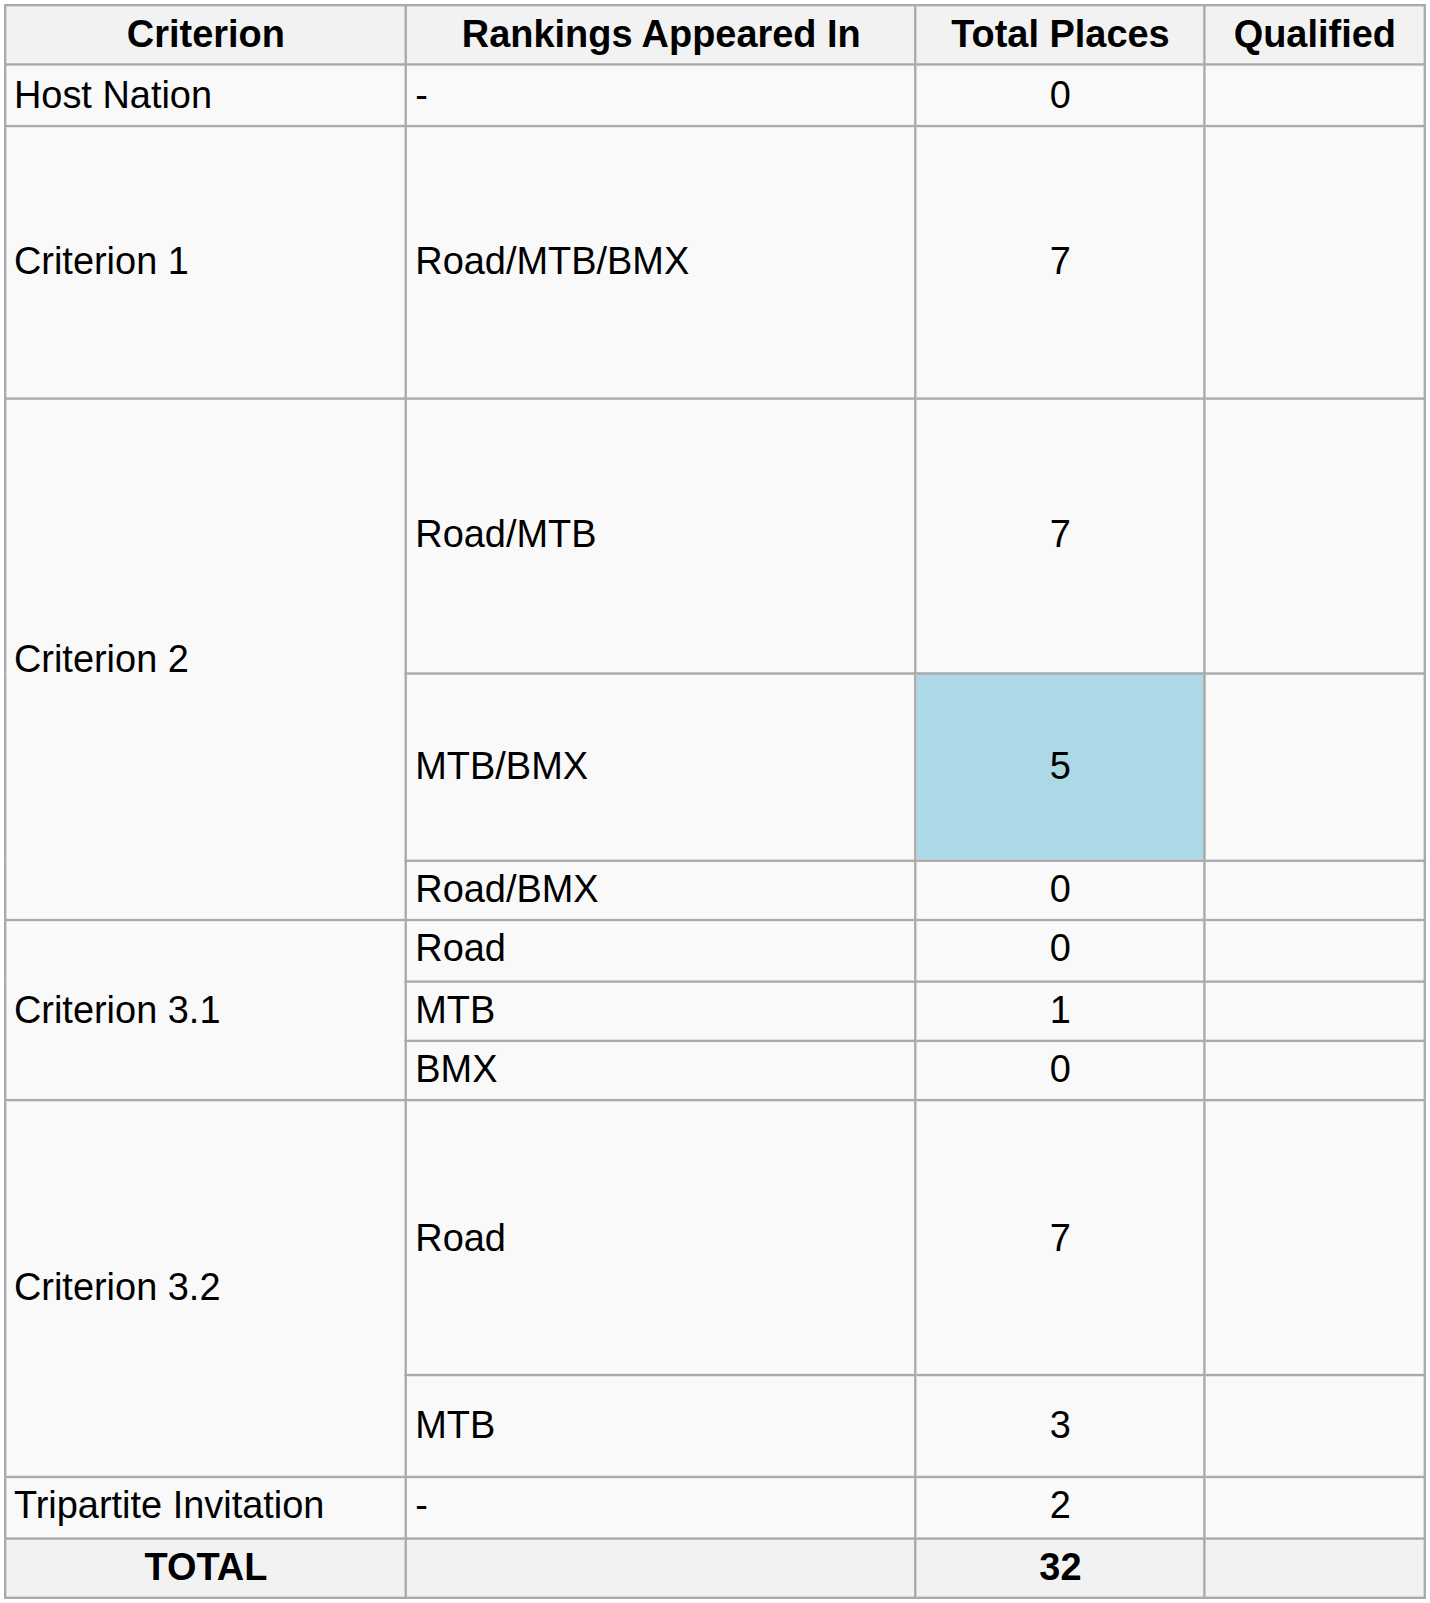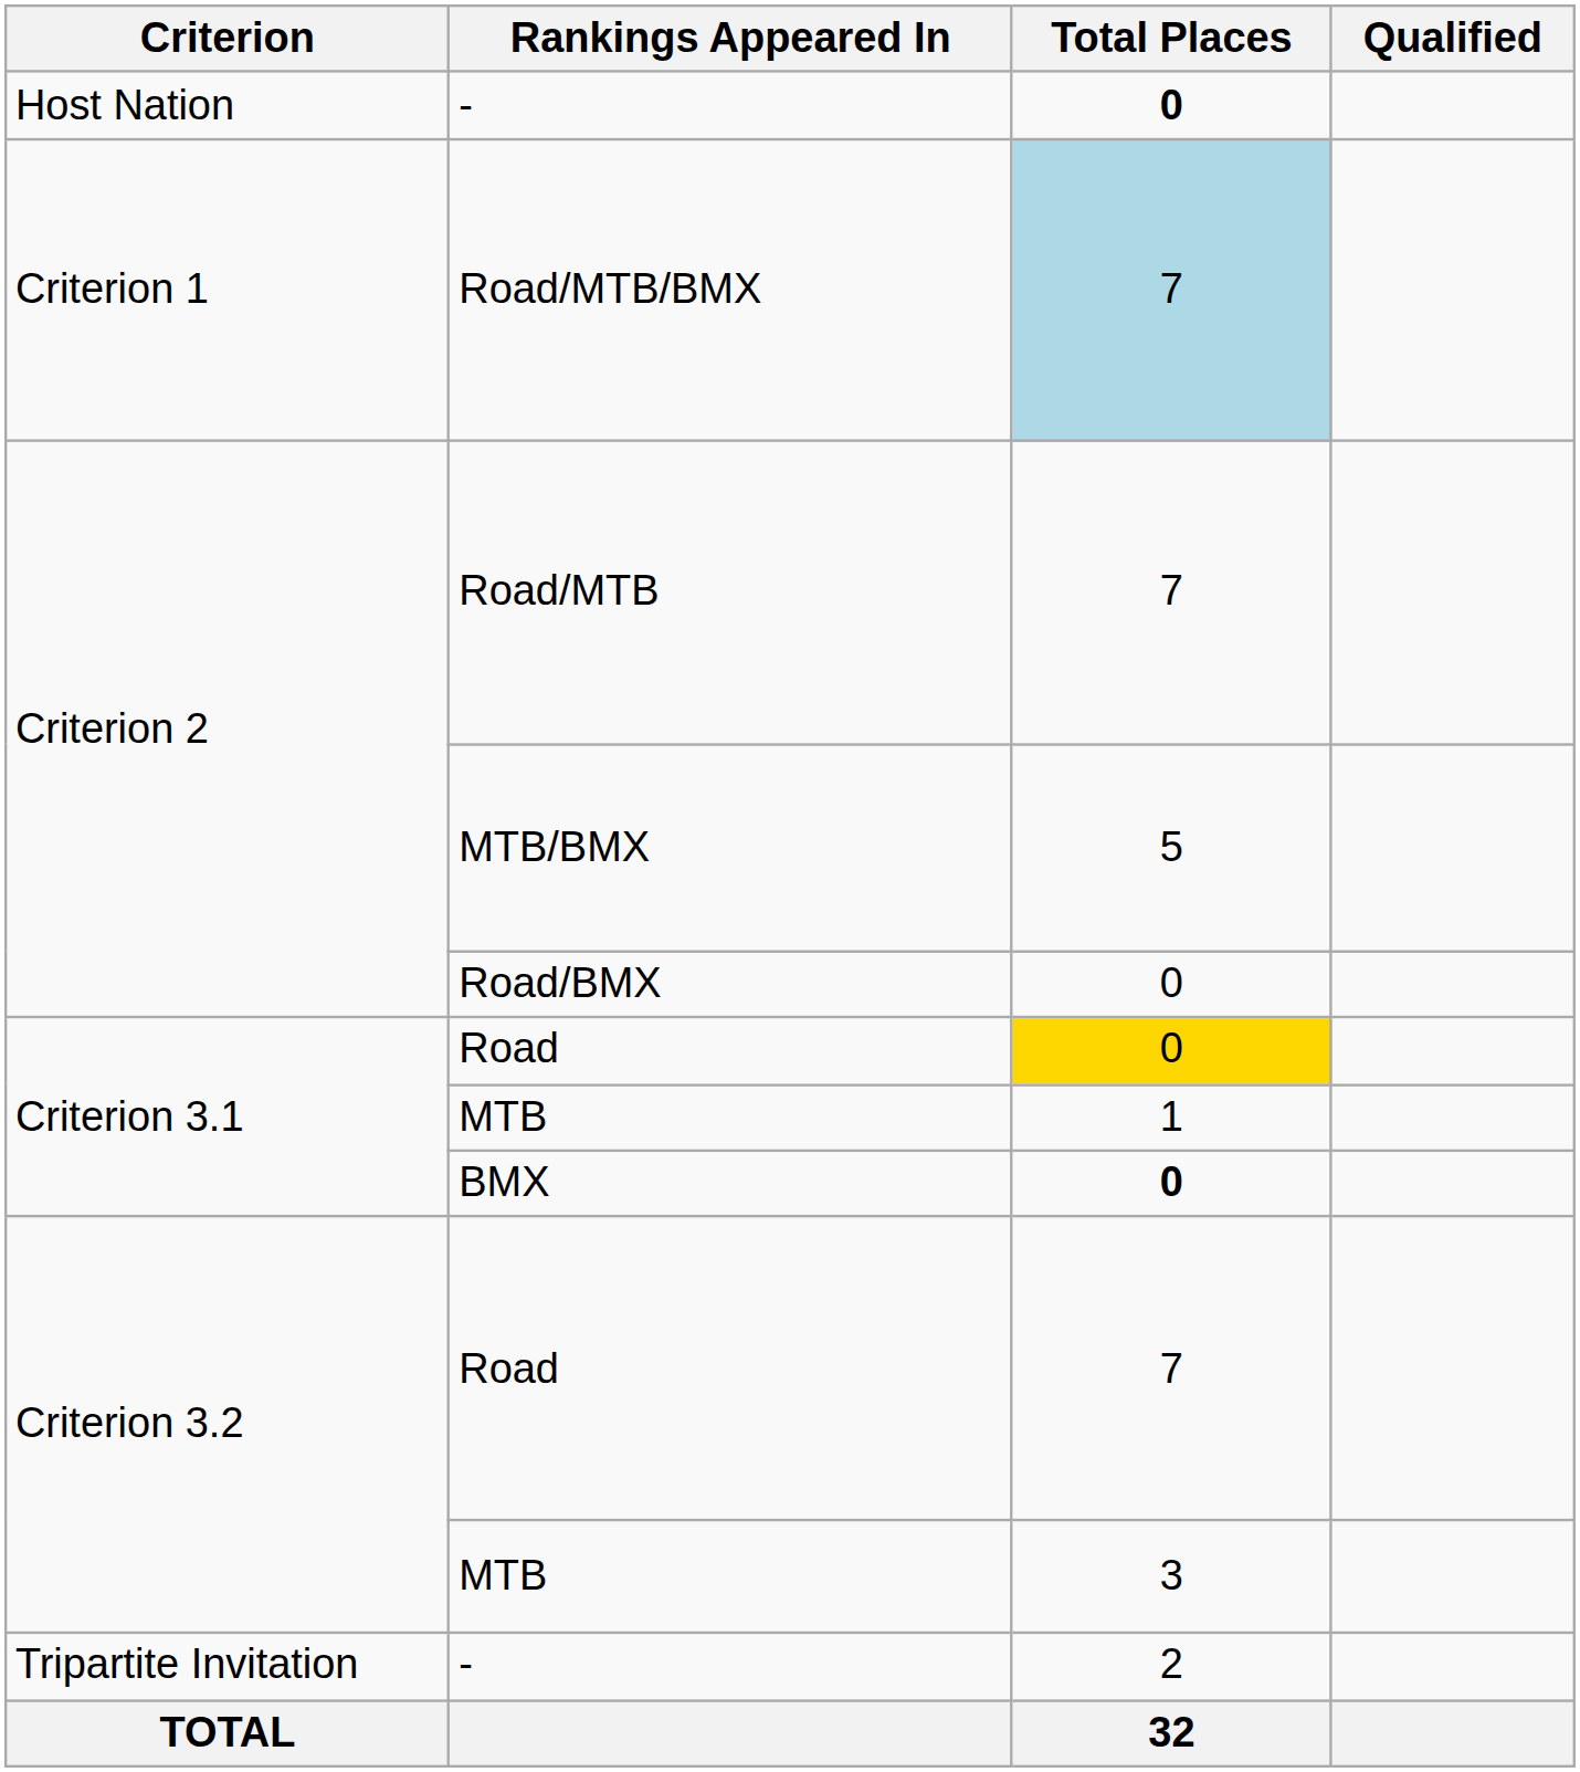 <table class="wikitable" width=600>
 <tr>
 <th>Criterion</th>
 <th>Rankings Appeared In</th>
 <th>Total Places</th>
 <th>Qualified</th>
 </tr>
 <tr>
 <td>Host Nation</td>
 <td>-</td>
-<td align="center">0</td>
+<td align="center"><strong>0</strong></td>
 <td><s></s></td>
 </tr>
 <tr>
 <td>Criterion 1</td>
 <td>Road/MTB/BMX</td>
-<td align="center">7</td>
+<td align="center" style="background: lightblue;">7</td>
 <td><br><br><br><br><br><br></td>
 </tr>
 <tr>
 <td rowspan=3>Criterion 2</td>
 <td>Road/MTB</td>
 <td align="center">7</td>
 <td><br><br><br><br><br><br></td>
 </tr>
 <tr>
 <td>MTB/BMX</td>
-<td align="center" style="background: lightblue;">5</td>
+<td align="center">5</td>
 <td><br><br><br><br></td>
 </tr>
 <tr>
 <td>Road/BMX</td>
 <td align="center">0</td>
 <td></td>
 </tr>
 <tr>
 <td rowspan=3>Criterion 3.1</td>
 <td>Road</td>
-<td align="center">0</td>
+<td align="center" style="background: gold;">0</td>
 <td></td>
 </tr>
 <tr>
 <td>MTB</td>
 <td align="center">1</td>
 <td></td>
 </tr>
 <tr>
 <td>BMX</td>
-<td align="center">0</td>
+<td align="center"><strong>0</strong></td>
 <td></td>
 </tr>
 <tr>
 <td rowspan=2>Criterion 3.2</td>
 <td>Road</td>
 <td align="center">7</td>
 <td><br><br><br><br><br><br></td>
 </tr>
 <tr>
 <td>MTB</td>
 <td align="center">3</td>
 <td><br><br></td>
 </tr>
 <tr>
 <td>Tripartite Invitation</td>
 <td>-</td>
 <td align="center">2</td>
 <td><br></td>
 </tr>
 <tr>
 <th>TOTAL</th>
 <th></th>
 <th>32</th>
 <th></th>
 </tr>
 </table>
